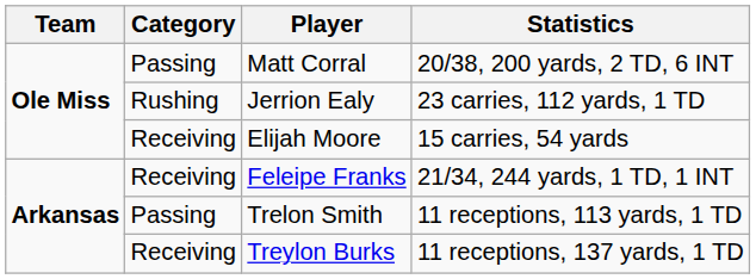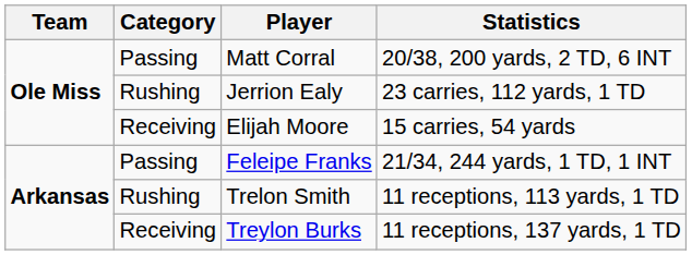 <table class="wikitable" style="float: right;">
 <tr>
 <th>Team</th>
 <th>Category</th>
 <th>Player</th>
 <th>Statistics</th>
 </tr>
 <tr>
 <td rowspan=3><strong>Ole Miss</strong></td>
 <td>Passing</td>
 <td>Matt Corral</td>
 <td>20/38, 200 yards, 2 TD, 6 INT</td>
 </tr>
 <tr>
 <td>Rushing</td>
 <td>Jerrion Ealy</td>
 <td>23 carries, 112 yards, 1 TD</td>
 </tr>
 <tr>
 <td>Receiving</td>
 <td>Elijah Moore</td>
 <td>15 carries, 54 yards</td>
 </tr>
 <tr>
 <td rowspan=3><strong>Arkansas</strong></td>
-<td>Receiving</td>
+<td>Passing</td>
 <td><a href='#'>Feleipe Franks</a></td>
 <td>21/34, 244 yards, 1 TD, 1 INT</td>
 </tr>
 <tr>
-<td>Passing</td>
+<td>Rushing</td>
 <td>Trelon Smith</td>
 <td>11 receptions, 113 yards, 1 TD</td>
 </tr>
 <tr>
 <td>Receiving</td>
 <td><a href='#'>Treylon Burks</a></td>
 <td>11 receptions, 137 yards, 1 TD</td>
 </tr>
 </table>
